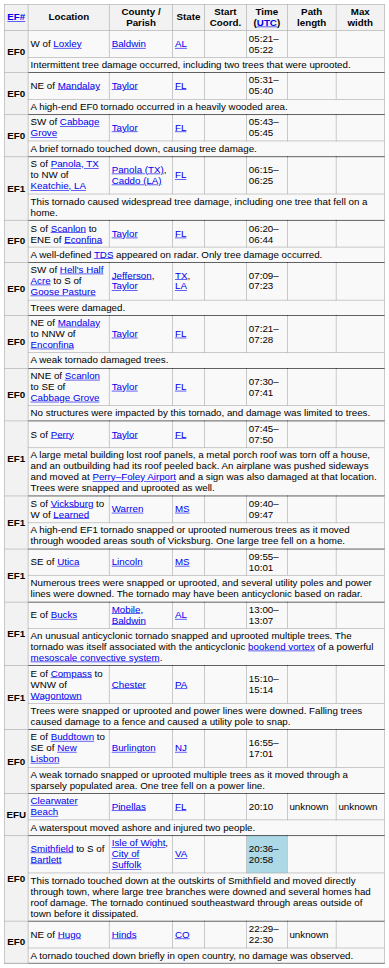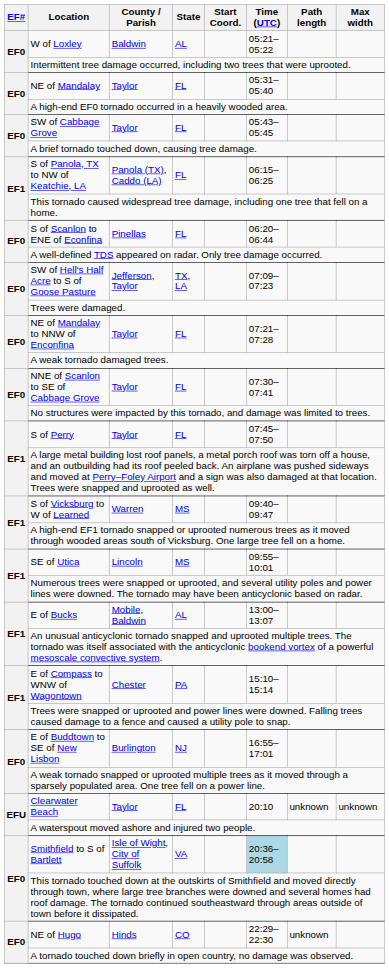 <table class="wikitable sortable" style="width:100%;">
 <tr>
 <th scope="col" width="2%" align="center"><a href='#'>EF#</a></th>
 <th scope="col" align="center" class="unsortable">Location</th>
 <th scope="col" align="center" class="unsortable">County / Parish</th>
 <th scope="col" align="center">State</th>
 <th scope="col" align="center">Start Coord.</th>
 <th scope="col" align="center">Time (<a href='#'>UTC</a>)</th>
 <th scope="col" align="center">Path length</th>
 <th scope="col" align="center">Max width</th>
 </tr>
 <tr>
 <th scope="row" rowspan="2" style="background-color:#">EF0</th>
 <td>W of <a href='#'>Loxley</a></td>
 <td><a href='#'>Baldwin</a></td>
 <td><a href='#'>AL</a></td>
 <td></td>
 <td>05:21–05:22</td>
 <td></td>
 <td></td>
 </tr>
 <tr class="expand-child">
 <td colspan="8" style=" border-bottom: 1px solid black;">Intermittent tree damage occurred, including two trees that were uprooted.</td>
 </tr>
 <tr>
 <th scope="row" rowspan="2" style="background-color:#">EF0</th>
 <td>NE of <a href='#'>Mandalay</a></td>
 <td><a href='#'>Taylor</a></td>
 <td><a href='#'>FL</a></td>
 <td></td>
 <td>05:31–05:40</td>
 <td></td>
 <td></td>
 </tr>
 <tr class="expand-child">
 <td colspan="8" style=" border-bottom: 1px solid black;">A high-end EF0 tornado occurred in a heavily wooded area.</td>
 </tr>
 <tr>
 <th scope="row" rowspan="2" style="background-color:#">EF0</th>
 <td>SW of <a href='#'>Cabbage Grove</a></td>
 <td><a href='#'>Taylor</a></td>
 <td><a href='#'>FL</a></td>
 <td></td>
 <td>05:43–05:45</td>
 <td></td>
 <td></td>
 </tr>
 <tr class="expand-child">
 <td colspan="8" style=" border-bottom: 1px solid black;">A brief tornado touched down, causing tree damage.</td>
 </tr>
 <tr>
 <th scope="row" rowspan="2" style="background-color:#">EF1</th>
 <td>S of <a href='#'>Panola, TX</a> to NW of <a href='#'>Keatchie, LA</a></td>
 <td><a href='#'>Panola (TX)</a>, <a href='#'>Caddo (LA)</a></td>
 <td><a href='#'>FL</a></td>
 <td></td>
 <td>06:15–06:25</td>
 <td></td>
 <td></td>
 </tr>
 <tr class="expand-child">
 <td colspan="8" style=" border-bottom: 1px solid black;">This tornado caused widespread tree damage, including one tree that fell on a home.</td>
 </tr>
 <tr>
 <th scope="row" rowspan="2" style="background-color:#">EF0</th>
 <td>S of <a href='#'>Scanlon</a> to ENE of <a href='#'>Econfina</a></td>
-<td><a href='#'>Taylor</a></td>
+<td><a href='#'>Pinellas</a></td>
 <td><a href='#'>FL</a></td>
 <td></td>
 <td>06:20–06:44</td>
 <td></td>
 <td></td>
 </tr>
 <tr class="expand-child">
 <td colspan="8" style=" border-bottom: 1px solid black;">A well-defined <a href='#'>TDS</a> appeared on radar. Only tree damage occurred.</td>
 </tr>
 <tr>
 <th scope="row" rowspan="2" style="background-color:#">EF0</th>
 <td>SW of <a href='#'>Hell's Half Acre</a> to S of <a href='#'>Goose Pasture</a></td>
 <td><a href='#'>Jefferson</a>, <a href='#'>Taylor</a></td>
 <td><a href='#'>TX</a>, <a href='#'>LA</a></td>
 <td></td>
 <td>07:09–07:23</td>
 <td></td>
 <td></td>
 </tr>
 <tr class="expand-child">
 <td colspan="8" style=" border-bottom: 1px solid black;">Trees were damaged.</td>
 </tr>
 <tr>
 <th scope="row" rowspan="2" style="background-color:#">EF0</th>
 <td>NE of <a href='#'>Mandalay</a> to NNW of <a href='#'>Enconfina</a></td>
 <td><a href='#'>Taylor</a></td>
 <td><a href='#'>FL</a></td>
 <td></td>
 <td>07:21–07:28</td>
 <td></td>
 <td></td>
 </tr>
 <tr class="expand-child">
 <td colspan="8" style=" border-bottom: 1px solid black;">A weak tornado damaged trees.</td>
 </tr>
 <tr>
 <th scope="row" rowspan="2" style="background-color:#">EF0</th>
 <td>NNE of <a href='#'>Scanlon</a> to SE of <a href='#'>Cabbage Grove</a></td>
 <td><a href='#'>Taylor</a></td>
 <td><a href='#'>FL</a></td>
 <td></td>
 <td>07:30–07:41</td>
 <td></td>
 <td></td>
 </tr>
 <tr class="expand-child">
 <td colspan="8" style=" border-bottom: 1px solid black;">No structures were impacted by this tornado, and damage was limited to trees.</td>
 </tr>
 <tr>
 <th scope="row" rowspan="2" style="background-color:#">EF1</th>
 <td>S of <a href='#'>Perry</a></td>
 <td><a href='#'>Taylor</a></td>
 <td><a href='#'>FL</a></td>
 <td></td>
 <td>07:45–07:50</td>
 <td></td>
 <td></td>
 </tr>
 <tr class="expand-child">
 <td colspan="8" style=" border-bottom: 1px solid black;">A large metal building lost roof panels, a metal porch roof was torn off a house, and an outbuilding had its roof peeled back. An airplane was pushed sideways and moved at <a href='#'>Perry–Foley Airport</a> and a sign was also damaged at that location. Trees were snapped and uprooted as well.</td>
 </tr>
 <tr>
 <th scope="row" rowspan="2" style="background-color:#">EF1</th>
 <td>S of <a href='#'>Vicksburg</a> to W of <a href='#'>Learned</a></td>
 <td><a href='#'>Warren</a></td>
 <td><a href='#'>MS</a></td>
 <td></td>
 <td>09:40–09:47</td>
 <td></td>
 <td></td>
 </tr>
 <tr class="expand-child">
 <td colspan="8" style=" border-bottom: 1px solid black;">A high-end EF1 tornado snapped or uprooted numerous trees as it moved through wooded areas south of Vicksburg. One large tree fell on a home.</td>
 </tr>
 <tr>
 <th scope="row" rowspan="2" style="background-color:#">EF1</th>
 <td>SE of <a href='#'>Utica</a></td>
 <td><a href='#'>Lincoln</a></td>
 <td><a href='#'>MS</a></td>
 <td></td>
 <td>09:55–10:01</td>
 <td></td>
 <td></td>
 </tr>
 <tr class="expand-child">
 <td colspan="8" style=" border-bottom: 1px solid black;">Numerous trees were snapped or uprooted, and several utility poles and power lines were downed. The tornado may have been anticyclonic based on radar.</td>
 </tr>
 <tr>
 <th scope="row" rowspan="2" style="background-color:#">EF1</th>
 <td>E of <a href='#'>Bucks</a></td>
 <td><a href='#'>Mobile</a>, <a href='#'>Baldwin</a></td>
 <td><a href='#'>AL</a></td>
 <td></td>
 <td>13:00–13:07</td>
 <td></td>
 <td></td>
 </tr>
 <tr class="expand-child">
 <td colspan="8" style=" border-bottom: 1px solid black;">An unusual anticyclonic tornado snapped and uprooted multiple trees. The tornado was itself associated with the anticyclonic <a href='#'>bookend vortex</a> of a powerful <a href='#'>mesoscale convective system</a>.</td>
 </tr>
 <tr>
 <th scope="row" rowspan="2" style="background-color:#">EF1</th>
 <td>E of <a href='#'>Compass</a> to WNW of <a href='#'>Wagontown</a></td>
 <td><a href='#'>Chester</a></td>
 <td><a href='#'>PA</a></td>
 <td></td>
 <td>15:10–15:14</td>
 <td></td>
 <td></td>
 </tr>
 <tr class="expand-child">
 <td colspan="8" style=" border-bottom: 1px solid black;">Trees were snapped or uprooted and power lines were downed. Falling trees caused damage to a fence and caused a utility pole to snap.</td>
 </tr>
 <tr>
 <th scope="row" rowspan="2" style="background-color:#">EF0</th>
 <td>E of <a href='#'>Buddtown</a> to SE of <a href='#'>New Lisbon</a></td>
 <td><a href='#'>Burlington</a></td>
 <td><a href='#'>NJ</a></td>
 <td></td>
 <td>16:55–17:01</td>
 <td></td>
 <td></td>
 </tr>
 <tr class="expand-child">
 <td colspan="8" style=" border-bottom: 1px solid black;">A weak tornado snapped or uprooted multiple trees as it moved through a sparsely populated area. One tree fell on a power line.</td>
 </tr>
 <tr>
 <th scope="row" rowspan="2" style="background-color:#">EFU</th>
 <td><a href='#'>Clearwater Beach</a></td>
-<td><a href='#'>Pinellas</a></td>
+<td><a href='#'>Taylor</a></td>
 <td><a href='#'>FL</a></td>
 <td></td>
 <td>20:10</td>
 <td>unknown</td>
 <td>unknown</td>
 </tr>
 <tr class="expand-child">
 <td colspan="8" style=" border-bottom: 1px solid black;">A waterspout moved ashore and injured two people.</td>
 </tr>
 <tr>
 <th scope="row" rowspan="2" style="background-color:#">EF0</th>
 <td><a href='#'>Smithfield</a> to S of <a href='#'>Bartlett</a></td>
 <td><a href='#'>Isle of Wight</a>, <a href='#'>City of Suffolk</a></td>
 <td><a href='#'>VA</a></td>
 <td></td>
 <td style="background: lightblue;">20:36–20:58</td>
 <td></td>
 <td></td>
 </tr>
 <tr class="expand-child">
 <td colspan="8" style=" border-bottom: 1px solid black;">This tornado touched down at the outskirts of Smithfield and moved directly through town, where large tree branches were downed and several homes had roof damage. The tornado continued southeastward through areas outside of town before it dissipated.</td>
 </tr>
 <tr>
 <th scope="row" rowspan="2" style="background-color:#">EF0</th>
 <td>NE of <a href='#'>Hugo</a></td>
 <td><a href='#'>Hinds</a></td>
 <td><a href='#'>CO</a></td>
 <td></td>
 <td>22:29–22:30</td>
 <td>unknown</td>
 <td></td>
 </tr>
 <tr class="expand-child">
 <td colspan="8" style=" border-bottom: 1px solid black;">A tornado touched down briefly in open country, no damage was observed.</td>
 </tr>
 <tr>
 </tr>
 </table>
